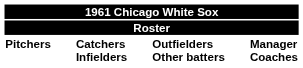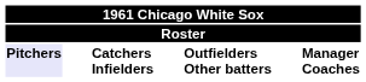 <table class="toccolours" style="font-size: 95%;">
 <tr>
 <th colspan="10" style="background-color: black; color: white; text-align: center;">1961 Chicago White Sox</th>
 </tr>
 <tr>
 <td colspan="10" style="background-color: black; color: white; text-align: center;"><strong>Roster</strong></td>
 </tr>
 <tr>
-<td valign="top"><strong>Pitchers</strong><br>                </td>
+<td valign="top" style="background: lavender;"><strong>Pitchers</strong><br>                </td>
 <td width="25px"></td>
 <td valign="top"><strong>Catchers</strong><br>    <strong>Infielders</strong>          </td>
 <td width="25px"></td>
 <td valign="top"><strong>Outfielders</strong><br>       <strong>Other batters</strong> </td>
 <td width="25px"></td>
 <td valign="top"><strong>Manager</strong><br> <strong>Coaches</strong>    </td>
 </tr>
 </table>
